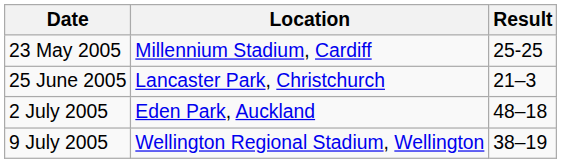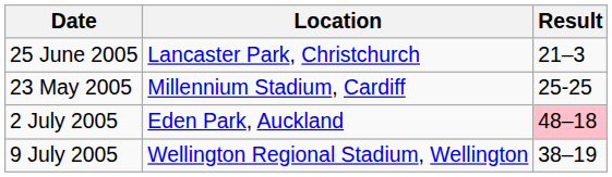 <table class="wikitable" style="align:center;">
 <tr>
 <th>Date</th>
 <th>Location</th>
 <th>Result</th>
 </tr>
 <tr>
+<td>25 June 2005</td>
+<td><a href='#'>Lancaster Park</a>, <a href='#'>Christchurch</a></td>
+<td> 21–3 </td>
+</tr>
+<tr>
 <td>23 May 2005</td>
 <td><a href='#'>Millennium Stadium</a>, <a href='#'>Cardiff</a></td>
 <td> 25-25 </td>
 </tr>
 <tr>
-<td>25 June 2005</td>
-<td><a href='#'>Lancaster Park</a>, <a href='#'>Christchurch</a></td>
-<td> 21–3 </td>
-</tr>
-<tr>
 <td>2 July 2005</td>
 <td><a href='#'>Eden Park</a>, <a href='#'>Auckland</a></td>
-<td> 48–18 </td>
+<td style="background: pink;"> 48–18 </td>
 </tr>
 <tr>
 <td>9 July 2005</td>
 <td><a href='#'>Wellington Regional Stadium</a>, <a href='#'>Wellington</a></td>
 <td> 38–19 </td>
 </tr>
 </table>
